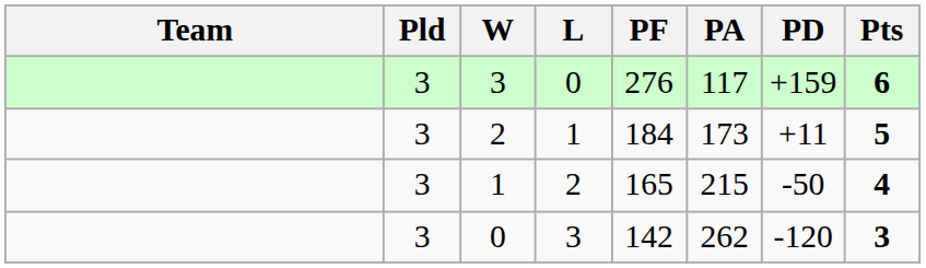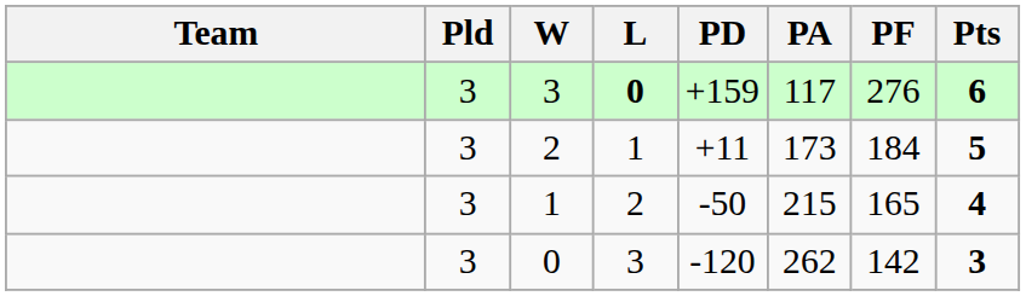 <table class=wikitable style="text-align:center">
 <tr>
 <th width=180>Team</th>
 <th width=30>Pld</th>
 <th width=30>W</th>
 <th width=30>L</th>
+<th width=30>PD</th>
+<th width=30>PA</th>
 <th width=30>PF</th>
-<th width=30>PA</th>
-<th width=30>PD</th>
 <th width=30>Pts</th>
 </tr>
 <tr align=center bgcolor="#ccffcc">
 <td align=left></td>
 <td>3</td>
 <td>3</td>
-<td>0</td>
+<td><strong>0</strong></td>
+<td>+159</td>
+<td>117</td>
 <td>276</td>
-<td>117</td>
-<td>+159</td>
 <td><strong>6</strong></td>
 </tr>
 <tr align=center bgcolor=>
 <td align=left></td>
 <td>3</td>
 <td>2</td>
 <td>1</td>
+<td>+11</td>
+<td>173</td>
 <td>184</td>
-<td>173</td>
-<td>+11</td>
 <td><strong>5</strong></td>
 </tr>
 <tr align=center bgcolor=>
 <td align=left></td>
 <td>3</td>
 <td>1</td>
 <td>2</td>
+<td>-50</td>
+<td>215</td>
 <td>165</td>
-<td>215</td>
-<td>-50</td>
 <td><strong>4</strong></td>
 </tr>
 <tr align=center bgcolor=>
 <td align=left></td>
 <td>3</td>
 <td>0</td>
 <td>3</td>
+<td>-120</td>
+<td>262</td>
 <td>142</td>
-<td>262</td>
-<td>-120</td>
 <td><strong>3</strong></td>
 </tr>
 </table>
